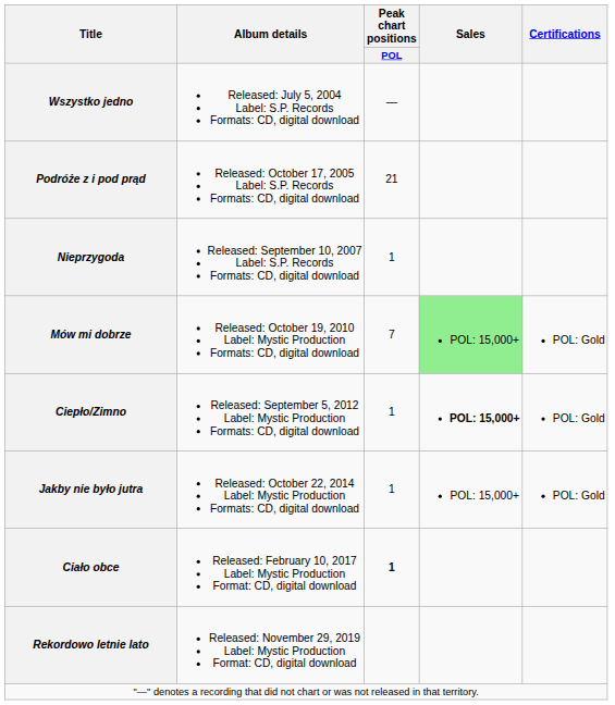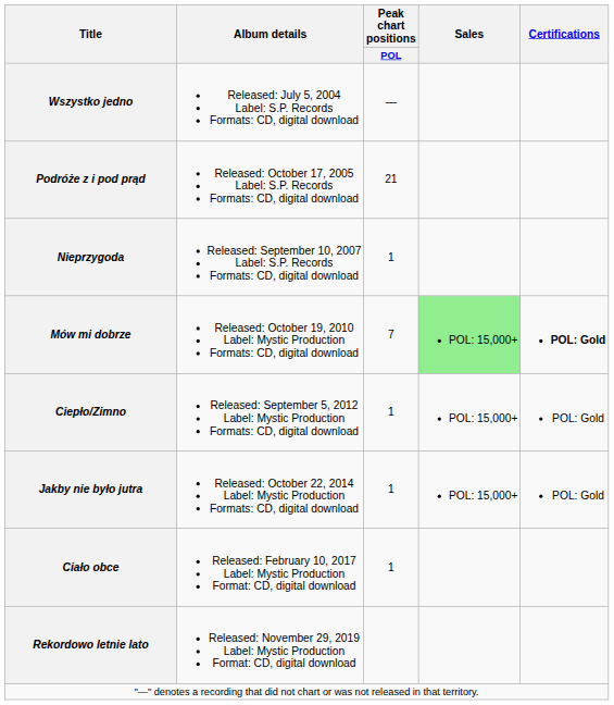 <table class="wikitable plainrowheaders" style="text-align:center;">
 <tr>
 <th scope="col" rowspan="2" style="width:15em;">Title</th>
 <th scope="col" rowspan="2">Album details</th>
 <th scope="col">Peak chart positions</th>
 <th scope="col" rowspan="2">Sales</th>
 <th scope="col" rowspan="2"><a href='#'>Certifications</a></th>
 </tr>
 <tr>
 <th scope="col" style="width:3em;font-size:90%;"><a href='#'>POL</a><br></th>
 </tr>
 <tr>
 <th scope="row"><em>Wszystko jedno</em></th>
 <td><br><ul><li>Released: July 5, 2004</li><li>Label: S.P. Records</li><li>Formats: CD, digital download</li></ul></td>
 <td>—</td>
 <td></td>
 <td></td>
 </tr>
 <tr>
 <th scope="row"><em>Podróże z i pod prąd</em></th>
 <td><br><ul><li>Released: October 17, 2005</li><li>Label: S.P. Records</li><li>Formats: CD, digital download</li></ul></td>
 <td>21</td>
 <td></td>
 <td></td>
 </tr>
 <tr>
 <th scope="row"><em>Nieprzygoda</em></th>
 <td><br><ul><li>Released: September 10, 2007</li><li>Label: S.P. Records</li><li>Formats: CD, digital download</li></ul></td>
 <td>1</td>
 <td></td>
 <td></td>
 </tr>
 <tr>
 <th scope="row"><em>Mów mi dobrze</em></th>
 <td><br><ul><li>Released: October 19, 2010</li><li>Label: Mystic Production</li><li>Formats: CD, digital download</li></ul></td>
 <td>7</td>
 <td style="background: lightgreen;"><br><ul><li>POL: 15,000+</li></ul></td>
-<td><br><ul><li>POL: Gold</li></ul></td>
+<td><strong><br><ul><li>POL: Gold</li></ul></strong></td>
 </tr>
 <tr>
 <th scope="row"><em>Ciepło/Zimno</em></th>
 <td><br><ul><li>Released: September 5, 2012</li><li>Label: Mystic Production</li><li>Formats: CD, digital download</li></ul></td>
 <td>1</td>
-<td><strong><br><ul><li>POL: 15,000+</li></ul></strong></td>
+<td><br><ul><li>POL: 15,000+</li></ul></td>
 <td><br><ul><li>POL: Gold</li></ul></td>
 </tr>
 <tr>
 <th scope="row"><em>Jakby nie było jutra</em></th>
 <td><br><ul><li>Released: October 22, 2014</li><li>Label: Mystic Production</li><li>Formats: CD, digital download</li></ul></td>
 <td>1</td>
 <td><br><ul><li>POL: 15,000+</li></ul></td>
 <td><br><ul><li>POL: Gold</li></ul></td>
 </tr>
 <tr>
 <th scope="row"><em>Ciało obce</em></th>
 <td><br><ul><li>Released: February 10, 2017</li><li>Label: Mystic Production</li><li>Format: CD, digital download</li></ul></td>
-<td><strong>1</strong></td>
+<td>1</td>
 <td></td>
 <td></td>
 </tr>
 <tr>
 <th scope="row"><em>Rekordowo letnie lato</em></th>
 <td><br><ul><li>Released: November 29, 2019</li><li>Label: Mystic Production</li><li>Format: CD, digital download</li></ul></td>
 <td></td>
 <td></td>
 <td></td>
 </tr>
 <tr>
 <td colspan="20" style="font-size:90%">"—" denotes a recording that did not chart or was not released in that territory.</td>
 </tr>
 </table>
